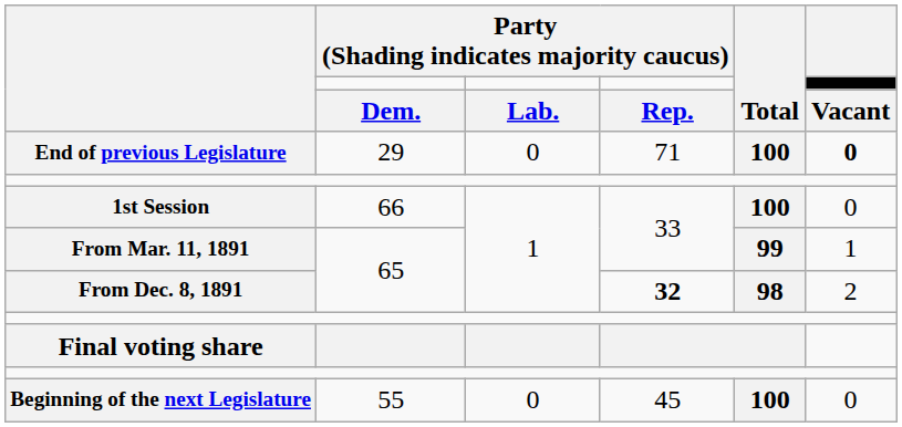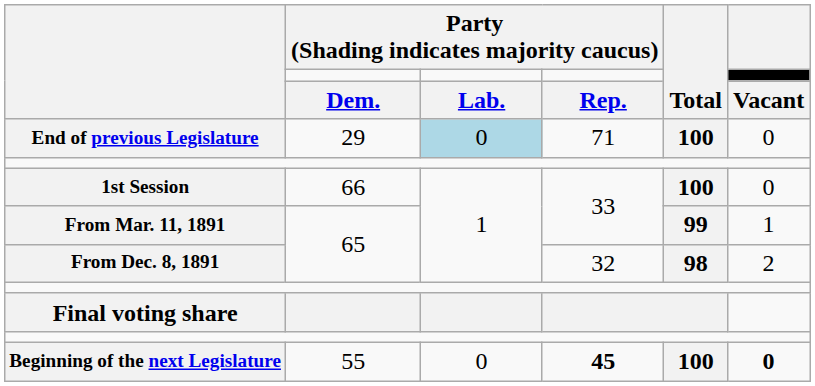 <table class=wikitable style="text-align:center">
 <tr style="vertical-align:bottom;">
 <th rowspan=3></th>
 <th colspan=3>Party <div>(Shading indicates majority caucus)</div></th>
 <th rowspan=3>Total</th>
 <th></th>
 </tr>
 <tr style="height:5px">
 <td style="background-color:"></td>
 <td style="background-color:"></td>
 <td style="background-color:"></td>
 <td style="background:black;"></td>
 </tr>
 <tr>
 <th><a href='#'>Dem.</a></th>
 <th><a href='#'>Lab.</a></th>
 <th><a href='#'>Rep.</a></th>
 <th>Vacant</th>
 </tr>
 <tr>
 <th style="font-size:80%;">End of <a href='#'>previous Legislature</a></th>
 <td>29</td>
-<td>0</td>
+<td style="background: lightblue;">0</td>
 <td>71</td>
 <th>100</th>
-<td><strong>0</strong></td>
+<td>0</td>
 </tr>
 <tr>
 <td colspan=7></td>
 </tr>
 <tr>
 <th style="font-size:80%;">1st Session</th>
 <td>66</td>
 <td rowspan="3" >1</td>
 <td rowspan="2">33</td>
 <th>100</th>
 <td>0</td>
 </tr>
 <tr>
 <th style="font-size:80%;">From Mar. 11, 1891</th>
 <td rowspan="2" >65</td>
 <th>99</th>
 <td>1</td>
 </tr>
 <tr>
 <th style="font-size:80%;">From Dec. 8, 1891</th>
-<td><strong>32</strong></td>
+<td>32</td>
 <th>98</th>
 <td>2</td>
 </tr>
 <tr>
 <td colspan=7></td>
 </tr>
 <tr>
 <th>Final voting share</th>
 <th></th>
 <th></th>
 <th colspan=2></th>
 </tr>
 <tr>
 <td colspan=7></td>
 </tr>
 <tr>
 <th style="font-size:80%;">Beginning of the <a href='#'>next Legislature</a></th>
 <td>55</td>
 <td>0</td>
-<td>45</td>
+<td><strong>45</strong></td>
 <th>100</th>
-<td>0</td>
+<td><strong>0</strong></td>
 </tr>
 </table>
